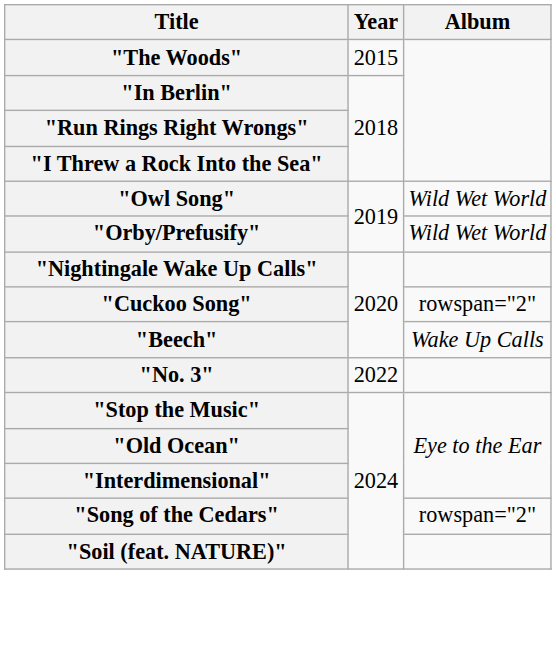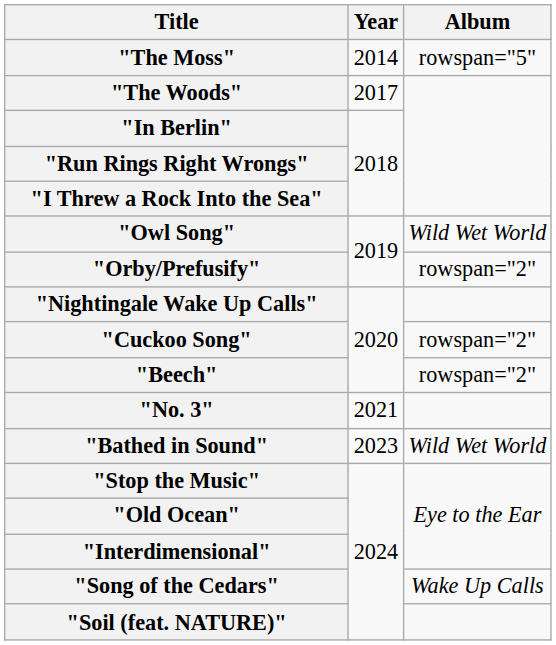 <table class="wikitable plainrowheaders" style="text-align:center;">
 <tr>
 <th scope="col" style="width:15em;">Title</th>
 <th scope="col">Year</th>
 <th scope="col">Album</th>
 </tr>
 <tr>
+<th scope="row">"The Moss"</th>
+<td>2014</td>
+<td>rowspan="5" </td>
+</tr>
+<tr>
 <th scope="row">"The Woods"<br></th>
-<td>2015</td>
+<td>2017</td>
 </tr>
 <tr>
 <th scope="row">"In Berlin"<br></th>
 <td rowspan="3">2018</td>
 </tr>
 <tr>
 <th scope="row">"Run Rings Right Wrongs"</th>
 </tr>
 <tr>
 <th scope="row">"I Threw a Rock Into the Sea"</th>
 </tr>
 <tr>
 <th scope="row">"Owl Song"</th>
 <td rowspan="2">2019</td>
 <td><em>Wild Wet World</em></td>
 </tr>
 <tr>
 <th scope="row">"Orby/Prefusify"</th>
-<td><em>Wild Wet World</em></td>
+<td>rowspan="2" </td>
 </tr>
 <tr>
 <th scope="row">"Nightingale Wake Up Calls"</th>
 <td rowspan="3">2020</td>
 </tr>
 <tr>
 <th scope="row">"Cuckoo Song"</th>
 <td>rowspan="2" </td>
 </tr>
 <tr>
 <th scope="row">"Beech"<br></th>
-<td><em>Wake Up Calls</em></td>
+<td>rowspan="2" </td>
 </tr>
 <tr>
 <th scope="row">"No. 3"</th>
-<td>2022</td>
+<td>2021</td>
+</tr>
+<tr>
+<th scope="row">"Bathed in Sound"</th>
+<td>2023</td>
+<td><em>Wild Wet World</em></td>
 </tr>
 <tr>
 <th scope="row">"Stop the Music"</th>
 <td rowspan="5">2024</td>
 <td rowspan="3"><em>Eye to the Ear</em></td>
 </tr>
 <tr>
 <th scope="row">"Old Ocean"</th>
 </tr>
 <tr>
 <th scope="row">"Interdimensional"</th>
 </tr>
 <tr>
 <th scope="row">"Song of the Cedars"</th>
-<td>rowspan="2" </td>
+<td><em>Wake Up Calls</em></td>
 </tr>
 <tr>
 <th scope="row">"Soil (feat. NATURE)"</th>
 </tr>
 </table>
